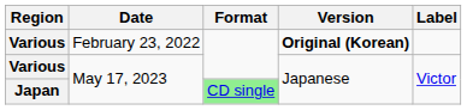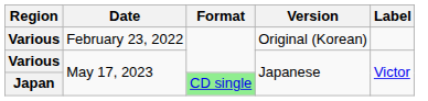 <table class="wikitable plainrowheaders">
 <tr>
 <th scope="col">Region</th>
 <th scope="col">Date</th>
 <th scope="col">Format</th>
 <th scope="col">Version</th>
 <th scope="col">Label</th>
 </tr>
 <tr>
 <th scope="row">Various</th>
 <td>February 23, 2022</td>
 <td rowspan="2"></td>
-<td><strong>Original (Korean)</strong></td>
+<td>Original (Korean)</td>
 <td></td>
 </tr>
 <tr>
 <th scope="row">Various</th>
 <td rowspan="2">May 17, 2023</td>
 <td rowspan="2">Japanese</td>
 <td rowspan="2"><a href='#'>Victor</a></td>
 </tr>
 <tr>
 <th scope="row">Japan</th>
 <td style="background: lightgreen;"><a href='#'>CD single</a></td>
 </tr>
 </table>
